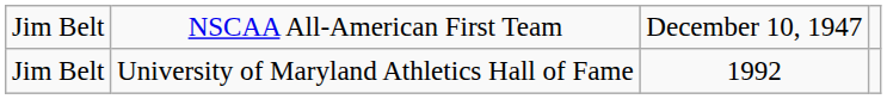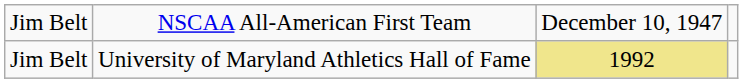 <table class="wikitable sortable" style="text-align: center">
 <tr>
 <td>Jim Belt</td>
 <td><a href='#'>NSCAA</a> All-American First Team</td>
 <td>December 10, 1947</td>
 <td></td>
 </tr>
 <tr>
 <td>Jim Belt</td>
 <td>University of Maryland Athletics Hall of Fame</td>
-<td>1992</td>
+<td style="background: khaki;">1992</td>
 <td></td>
 </tr>
 </table>
